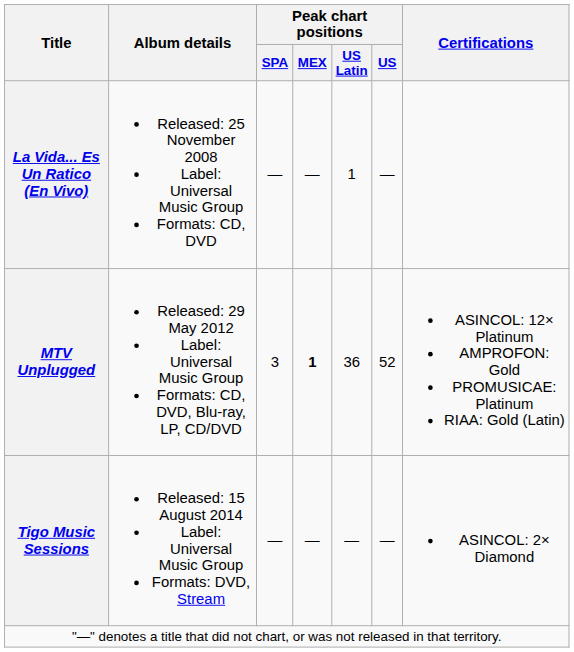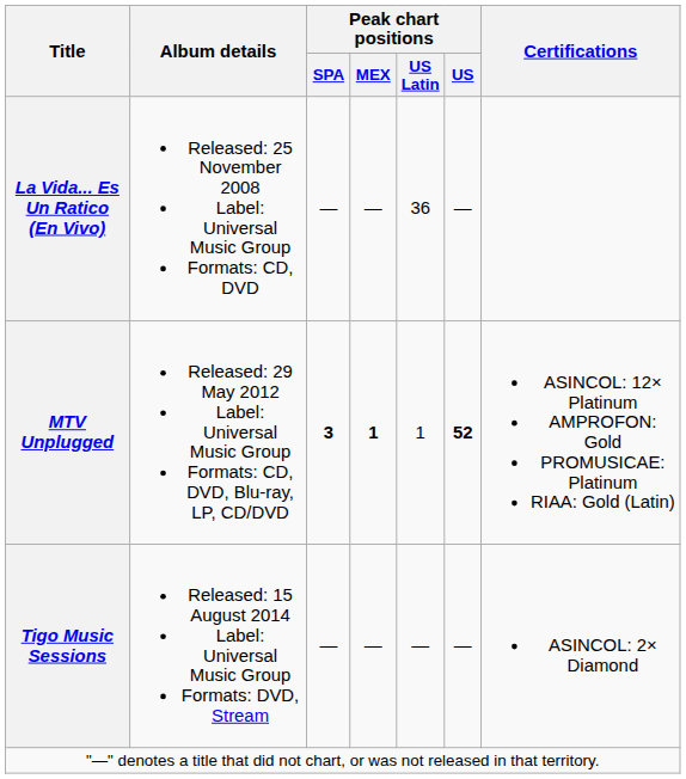 <table class="wikitable plainrowheaders" style="text-align:center;" border="1">
 <tr>
 <th scope="col" rowspan="2" style="width:10em;">Title</th>
 <th scope="col" rowspan="2" style="width:16em;">Album details</th>
 <th scope="col" colspan="4">Peak chart positions</th>
 <th scope="col" rowspan="2" style="width:14em;"><a href='#'>Certifications</a></th>
 </tr>
 <tr>
 <th scope="col" style="width:3em;font-size:90%;"><a href='#'>SPA</a><br></th>
 <th scope="col" style="width:3em;font-size:90%;"><a href='#'>MEX</a><br></th>
 <th scope="col" style="width:3em;font-size:90%;"><a href='#'>US<br>Latin</a><br></th>
 <th scope="col" style="width:3em;font-size:90%;"><a href='#'>US</a><br></th>
 </tr>
 <tr>
 <th scope="row"><em><a href='#'>La Vida... Es Un Ratico (En Vivo)</a></em></th>
 <td><br><ul><li>Released: 25 November 2008</li><li>Label: Universal Music Group</li><li>Formats: CD, DVD</li></ul></td>
 <td>—</td>
 <td>—</td>
-<td>1</td>
+<td>36</td>
 <td>—</td>
 <td></td>
 </tr>
 <tr>
 <th scope="row"><em><a href='#'>MTV Unplugged</a></em></th>
 <td><br><ul><li>Released: 29 May 2012</li><li>Label: Universal Music Group</li><li>Formats: CD, DVD, Blu-ray, LP, CD/DVD</li></ul></td>
-<td>3</td>
+<td><strong>3</strong></td>
 <td><strong>1</strong></td>
-<td>36</td>
-<td>52</td>
+<td>1</td>
+<td><strong>52</strong></td>
 <td><br><ul><li>ASINCOL: 12× Platinum</li><li>AMPROFON: Gold</li><li>PROMUSICAE: Platinum</li><li>RIAA: Gold (Latin)</li></ul></td>
 </tr>
 <tr>
 <th scope="row"><em><a href='#'>Tigo Music Sessions</a></em></th>
 <td><br><ul><li>Released: 15 August 2014</li><li>Label: Universal Music Group</li><li>Formats: DVD, <a href='#'>Stream</a></li></ul></td>
 <td>—</td>
 <td>—</td>
 <td>—</td>
 <td>—</td>
 <td><br><ul><li>ASINCOL: 2× Diamond</li></ul></td>
 </tr>
 <tr>
 <td colspan="14" style="font-size:90%">"—" denotes a title that did not chart, or was not released in that territory.</td>
 </tr>
 </table>
